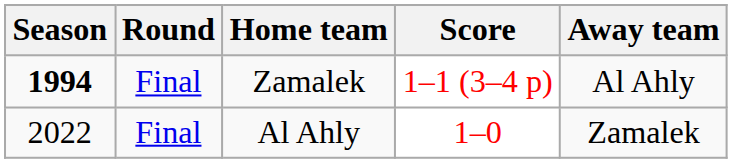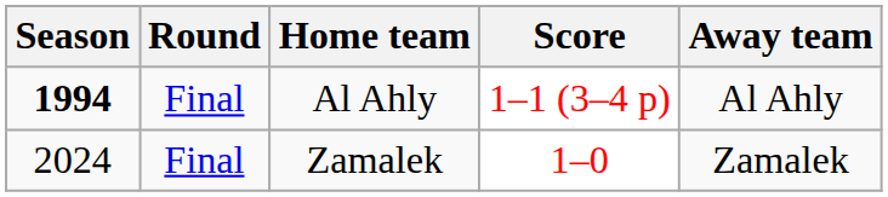 <table class="wikitable" style="text-align: center;">
 <tr>
 <th>Season</th>
 <th>Round</th>
 <th>Home team</th>
 <th>Score</th>
 <th>Away team</th>
 </tr>
 <tr>
 <td><strong>1994</strong></td>
 <td><a href='#'>Final</a></td>
-<td>Zamalek</td>
+<td>Al Ahly</td>
 <td style="text-align:center; background:#fff;color:red;">1–1 (3–4 p)</td>
 <td>Al Ahly</td>
 </tr>
 <tr>
-<td>2022</td>
+<td>2024</td>
 <td><a href='#'>Final</a></td>
-<td>Al Ahly</td>
+<td>Zamalek</td>
 <td style="text-align:center; background:#fff;color:red;">1–0</td>
 <td>Zamalek</td>
 </tr>
 </table>
